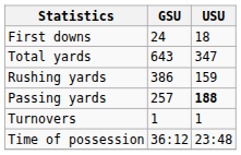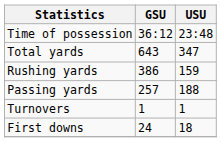 <table class="wikitable" style="float: left;">
 <tr>
 <th>Statistics</th>
 <th>GSU</th>
 <th>USU</th>
 </tr>
 <tr>
-<td>First downs</td>
-<td>24</td>
-<td>18</td>
+<td>Time of possession</td>
+<td>36:12</td>
+<td>23:48</td>
 </tr>
 <tr>
 <td>Total yards</td>
 <td>643</td>
 <td>347</td>
 </tr>
 <tr>
 <td>Rushing yards</td>
 <td>386</td>
 <td>159</td>
 </tr>
 <tr>
 <td>Passing yards</td>
 <td>257</td>
-<td><strong>188</strong></td>
+<td>188</td>
 </tr>
 <tr>
 <td>Turnovers</td>
 <td>1</td>
 <td>1</td>
 </tr>
 <tr>
-<td>Time of possession</td>
-<td>36:12</td>
-<td>23:48</td>
+<td>First downs</td>
+<td>24</td>
+<td>18</td>
 </tr>
 <tr>
 </tr>
 </table>
